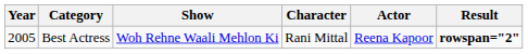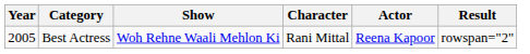 <table class="wikitable sortable">
 <tr>
 <th>Year</th>
 <th>Category</th>
 <th>Show</th>
 <th>Character</th>
 <th>Actor</th>
 <th>Result</th>
 </tr>
 <tr>
 <td rowspan="2">2005</td>
 <td>Best Actress</td>
 <td rowspan=2><a href='#'>Woh Rehne Waali Mehlon Ki</a></td>
 <td rowspan=2>Rani Mittal</td>
 <td rowspan2><a href='#'>Reena Kapoor</a></td>
-<td><strong>rowspan="2" </strong></td>
+<td>rowspan="2" </td>
 </tr>
 </table>
